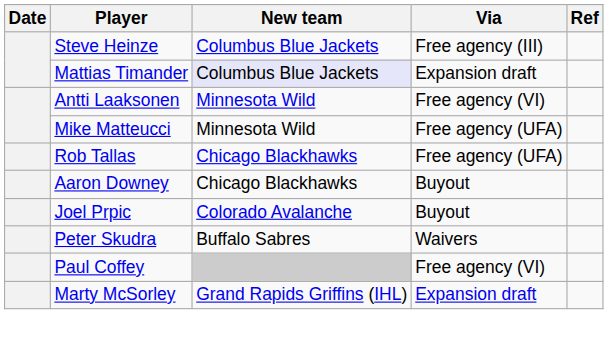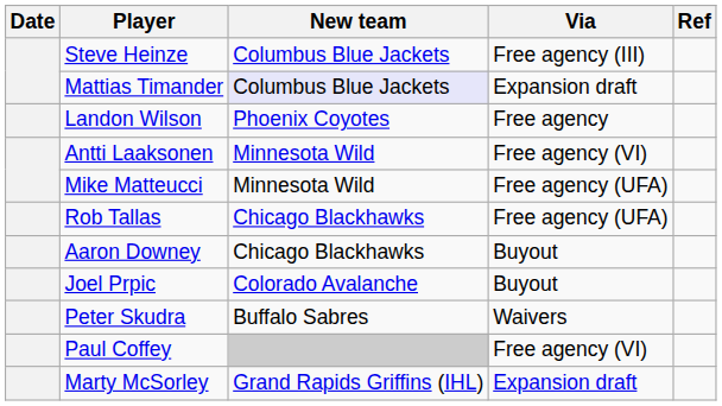 <table class="wikitable plainrowheaders">
 <tr style="background:#ddd; text-align:center;">
 <th>Date</th>
 <th>Player</th>
 <th>New team</th>
 <th>Via</th>
 <th>Ref</th>
 </tr>
 <tr>
 <th scope="row" rowspan=2></th>
 <td><a href='#'>Steve Heinze</a></td>
 <td><a href='#'>Columbus Blue Jackets</a></td>
 <td>Free agency (III)</td>
 <td></td>
 </tr>
 <tr>
 <td><a href='#'>Mattias Timander</a></td>
 <td style="background: lavender;">Columbus Blue Jackets</td>
 <td>Expansion draft</td>
+<td></td>
+</tr>
+<tr>
+<th scope="row"></th>
+<td><a href='#'>Landon Wilson</a></td>
+<td><a href='#'>Phoenix Coyotes</a></td>
+<td>Free agency</td>
 <td></td>
 </tr>
 <tr>
 <th scope="row" rowspan=2></th>
 <td><a href='#'>Antti Laaksonen</a></td>
 <td><a href='#'>Minnesota Wild</a></td>
 <td>Free agency (VI)</td>
 <td></td>
 </tr>
 <tr>
 <td><a href='#'>Mike Matteucci</a></td>
 <td>Minnesota Wild</td>
 <td>Free agency (UFA)</td>
 <td></td>
 </tr>
 <tr>
 <th scope="row"></th>
 <td><a href='#'>Rob Tallas</a></td>
 <td><a href='#'>Chicago Blackhawks</a></td>
 <td>Free agency (UFA)</td>
 <td></td>
 </tr>
 <tr>
 <th scope="row"></th>
 <td><a href='#'>Aaron Downey</a></td>
 <td>Chicago Blackhawks</td>
 <td>Buyout</td>
 <td></td>
 </tr>
 <tr>
 <th scope="row"></th>
 <td><a href='#'>Joel Prpic</a></td>
 <td><a href='#'>Colorado Avalanche</a></td>
 <td>Buyout</td>
 <td></td>
 </tr>
 <tr>
 <th scope="row"></th>
 <td><a href='#'>Peter Skudra</a></td>
 <td>Buffalo Sabres</td>
 <td>Waivers</td>
 <td></td>
 </tr>
 <tr>
 <th scope="row"></th>
 <td><a href='#'>Paul Coffey</a></td>
 <td style="background:#ccc"></td>
 <td>Free agency (VI)</td>
 <td></td>
 </tr>
 <tr>
 <th scope="row"></th>
 <td><a href='#'>Marty McSorley</a></td>
 <td><a href='#'>Grand Rapids Griffins</a> (<a href='#'>IHL</a>)</td>
 <td><a href='#'>Expansion draft</a></td>
 <td></td>
 </tr>
 </table>
